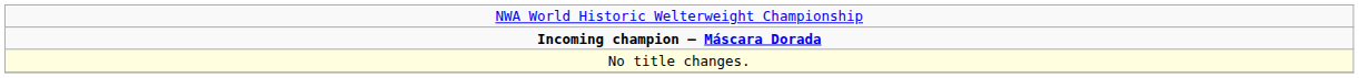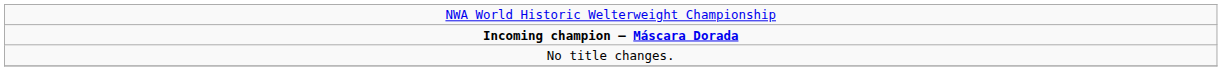 <table class="wikitable" style="text-align:center; width:100%;">
 <tr>
 <td colspan="4" style="text-align: center;"><a href='#'>NWA World Historic Welterweight Championship</a></td>
 </tr>
 <tr>
 <td colspan="4" style="text-align: center;"><strong>Incoming champion – <a href='#'>Máscara Dorada</a></strong></td>
 </tr>
 <tr>
-<td style="background: lightyellow;">No title changes.</td>
+<td>No title changes.</td>
 </tr>
 <tr>
 </tr>
 </table>
